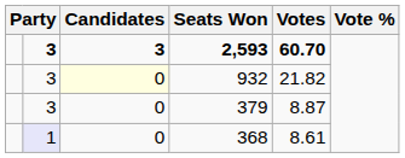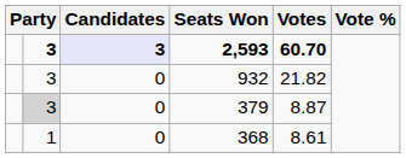 <table class="wikitable" style="text-align: right;">
 <tr>
 <th colspan=2>Party</th>
 <th scope="col" text-align="right">Candidates</th>
 <th>Seats Won</th>
 <th>Votes</th>
 <th>Vote %</th>
 </tr>
 <tr style="font-weight: bold;">
 <td></td>
 <td>3</td>
-<td>3</td>
+<td style="background: lavender;">3</td>
 <td>2,593</td>
 <td>60.70</td>
 </tr>
 <tr>
 <td></td>
 <td>3</td>
-<td style="background: lightyellow;">0</td>
+<td>0</td>
 <td>932</td>
 <td>21.82</td>
 </tr>
 <tr>
 <td></td>
-<td>3</td>
+<td style="background: lightgrey;">3</td>
 <td>0</td>
 <td>379</td>
 <td>8.87</td>
 </tr>
 <tr>
 <td></td>
-<td style="background: lavender;">1</td>
+<td>1</td>
 <td>0</td>
 <td>368</td>
 <td>8.61</td>
 </tr>
 </table>
